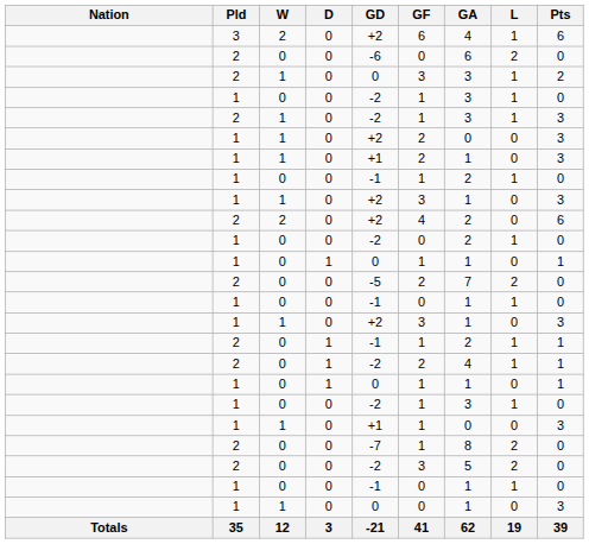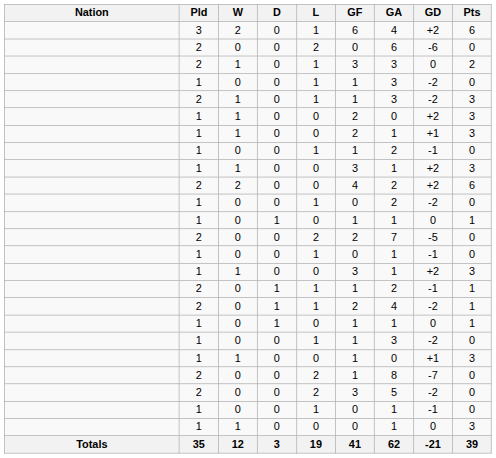 <table class="wikitable">
 <tr>
 <th style="width:250px;">Nation</th>
 <th style="width:50px;">Pld</th>
 <th style="width:50px;">W</th>
 <th style="width:50px;">D</th>
-<th style="width:50px;">GD</th>
+<th style="width:50px;">L</th>
 <th style="width:50px;">GF</th>
 <th style="width:50px;">GA</th>
-<th style="width:50px;">L</th>
+<th style="width:50px;">GD</th>
 <th style="width:50px;">Pts</th>
 </tr>
 <tr>
 <td></td>
 <td style="text-align:center;">3</td>
 <td style="text-align:center;">2</td>
 <td style="text-align:center;">0</td>
-<td style="text-align:center;">+2</td>
+<td style="text-align:center;">1</td>
 <td style="text-align:center;">6</td>
 <td style="text-align:center;">4</td>
-<td style="text-align:center;">1</td>
+<td style="text-align:center;">+2</td>
 <td style="text-align:center;">6</td>
 </tr>
 <tr>
 <td></td>
 <td style="text-align:center;">2</td>
 <td style="text-align:center;">0</td>
 <td style="text-align:center;">0</td>
-<td style="text-align:center;">-6</td>
+<td style="text-align:center;">2</td>
 <td style="text-align:center;">0</td>
 <td style="text-align:center;">6</td>
-<td style="text-align:center;">2</td>
+<td style="text-align:center;">-6</td>
 <td style="text-align:center;">0</td>
 </tr>
 <tr>
 <td></td>
 <td style="text-align:center;">2</td>
 <td style="text-align:center;">1</td>
 <td style="text-align:center;">0</td>
-<td style="text-align:center;">0</td>
+<td style="text-align:center;">1</td>
 <td style="text-align:center;">3</td>
 <td style="text-align:center;">3</td>
-<td style="text-align:center;">1</td>
+<td style="text-align:center;">0</td>
 <td style="text-align:center;">2</td>
 </tr>
 <tr>
 <td></td>
 <td style="text-align:center;">1</td>
 <td style="text-align:center;">0</td>
 <td style="text-align:center;">0</td>
-<td style="text-align:center;">-2</td>
+<td style="text-align:center;">1</td>
 <td style="text-align:center;">1</td>
 <td style="text-align:center;">3</td>
-<td style="text-align:center;">1</td>
+<td style="text-align:center;">-2</td>
 <td style="text-align:center;">0</td>
 </tr>
 <tr>
 <td></td>
 <td style="text-align:center;">2</td>
 <td style="text-align:center;">1</td>
 <td style="text-align:center;">0</td>
-<td style="text-align:center;">-2</td>
+<td style="text-align:center;">1</td>
 <td style="text-align:center;">1</td>
 <td style="text-align:center;">3</td>
-<td style="text-align:center;">1</td>
+<td style="text-align:center;">-2</td>
 <td style="text-align:center;">3</td>
 </tr>
 <tr>
 <td></td>
 <td style="text-align:center;">1</td>
 <td style="text-align:center;">1</td>
 <td style="text-align:center;">0</td>
-<td style="text-align:center;">+2</td>
+<td style="text-align:center;">0</td>
 <td style="text-align:center;">2</td>
 <td style="text-align:center;">0</td>
-<td style="text-align:center;">0</td>
+<td style="text-align:center;">+2</td>
 <td style="text-align:center;">3</td>
 </tr>
 <tr>
 <td></td>
 <td style="text-align:center;">1</td>
 <td style="text-align:center;">1</td>
 <td style="text-align:center;">0</td>
-<td style="text-align:center;">+1</td>
+<td style="text-align:center;">0</td>
 <td style="text-align:center;">2</td>
 <td style="text-align:center;">1</td>
-<td style="text-align:center;">0</td>
+<td style="text-align:center;">+1</td>
 <td style="text-align:center;">3</td>
 </tr>
 <tr>
 <td></td>
 <td style="text-align:center;">1</td>
 <td style="text-align:center;">0</td>
 <td style="text-align:center;">0</td>
-<td style="text-align:center;">-1</td>
+<td style="text-align:center;">1</td>
 <td style="text-align:center;">1</td>
 <td style="text-align:center;">2</td>
-<td style="text-align:center;">1</td>
+<td style="text-align:center;">-1</td>
 <td style="text-align:center;">0</td>
 </tr>
 <tr>
 <td></td>
 <td style="text-align:center;">1</td>
 <td style="text-align:center;">1</td>
 <td style="text-align:center;">0</td>
-<td style="text-align:center;">+2</td>
+<td style="text-align:center;">0</td>
 <td style="text-align:center;">3</td>
 <td style="text-align:center;">1</td>
-<td style="text-align:center;">0</td>
+<td style="text-align:center;">+2</td>
 <td style="text-align:center;">3</td>
 </tr>
 <tr>
 <td></td>
 <td style="text-align:center;">2</td>
 <td style="text-align:center;">2</td>
 <td style="text-align:center;">0</td>
-<td style="text-align:center;">+2</td>
+<td style="text-align:center;">0</td>
 <td style="text-align:center;">4</td>
 <td style="text-align:center;">2</td>
-<td style="text-align:center;">0</td>
+<td style="text-align:center;">+2</td>
 <td style="text-align:center;">6</td>
 </tr>
 <tr>
 <td></td>
 <td style="text-align:center;">1</td>
 <td style="text-align:center;">0</td>
 <td style="text-align:center;">0</td>
-<td style="text-align:center;">-2</td>
+<td style="text-align:center;">1</td>
 <td style="text-align:center;">0</td>
 <td style="text-align:center;">2</td>
-<td style="text-align:center;">1</td>
+<td style="text-align:center;">-2</td>
 <td style="text-align:center;">0</td>
 </tr>
 <tr>
 <td></td>
 <td style="text-align:center;">1</td>
 <td style="text-align:center;">0</td>
 <td style="text-align:center;">1</td>
 <td style="text-align:center;">0</td>
 <td style="text-align:center;">1</td>
 <td style="text-align:center;">1</td>
 <td style="text-align:center;">0</td>
 <td style="text-align:center;">1</td>
 </tr>
 <tr>
 <td></td>
 <td style="text-align:center;">2</td>
 <td style="text-align:center;">0</td>
 <td style="text-align:center;">0</td>
-<td style="text-align:center;">-5</td>
+<td style="text-align:center;">2</td>
 <td style="text-align:center;">2</td>
 <td style="text-align:center;">7</td>
-<td style="text-align:center;">2</td>
+<td style="text-align:center;">-5</td>
 <td style="text-align:center;">0</td>
 </tr>
 <tr>
 <td></td>
 <td style="text-align:center;">1</td>
 <td style="text-align:center;">0</td>
 <td style="text-align:center;">0</td>
-<td style="text-align:center;">-1</td>
+<td style="text-align:center;">1</td>
 <td style="text-align:center;">0</td>
 <td style="text-align:center;">1</td>
-<td style="text-align:center;">1</td>
+<td style="text-align:center;">-1</td>
 <td style="text-align:center;">0</td>
 </tr>
 <tr>
 <td></td>
 <td style="text-align:center;">1</td>
 <td style="text-align:center;">1</td>
 <td style="text-align:center;">0</td>
-<td style="text-align:center;">+2</td>
+<td style="text-align:center;">0</td>
 <td style="text-align:center;">3</td>
 <td style="text-align:center;">1</td>
-<td style="text-align:center;">0</td>
+<td style="text-align:center;">+2</td>
 <td style="text-align:center;">3</td>
 </tr>
 <tr>
 <td></td>
 <td style="text-align:center;">2</td>
 <td style="text-align:center;">0</td>
 <td style="text-align:center;">1</td>
-<td style="text-align:center;">-1</td>
+<td style="text-align:center;">1</td>
 <td style="text-align:center;">1</td>
 <td style="text-align:center;">2</td>
-<td style="text-align:center;">1</td>
+<td style="text-align:center;">-1</td>
 <td style="text-align:center;">1</td>
 </tr>
 <tr>
 <td></td>
 <td style="text-align:center;">2</td>
 <td style="text-align:center;">0</td>
 <td style="text-align:center;">1</td>
-<td style="text-align:center;">-2</td>
+<td style="text-align:center;">1</td>
 <td style="text-align:center;">2</td>
 <td style="text-align:center;">4</td>
-<td style="text-align:center;">1</td>
+<td style="text-align:center;">-2</td>
 <td style="text-align:center;">1</td>
 </tr>
 <tr>
 <td></td>
 <td style="text-align:center;">1</td>
 <td style="text-align:center;">0</td>
 <td style="text-align:center;">1</td>
 <td style="text-align:center;">0</td>
 <td style="text-align:center;">1</td>
 <td style="text-align:center;">1</td>
 <td style="text-align:center;">0</td>
 <td style="text-align:center;">1</td>
 </tr>
 <tr>
 <td></td>
 <td style="text-align:center;">1</td>
 <td style="text-align:center;">0</td>
 <td style="text-align:center;">0</td>
-<td style="text-align:center;">-2</td>
+<td style="text-align:center;">1</td>
 <td style="text-align:center;">1</td>
 <td style="text-align:center;">3</td>
-<td style="text-align:center;">1</td>
+<td style="text-align:center;">-2</td>
 <td style="text-align:center;">0</td>
 </tr>
 <tr>
 <td></td>
 <td style="text-align:center;">1</td>
 <td style="text-align:center;">1</td>
 <td style="text-align:center;">0</td>
-<td style="text-align:center;">+1</td>
+<td style="text-align:center;">0</td>
 <td style="text-align:center;">1</td>
 <td style="text-align:center;">0</td>
-<td style="text-align:center;">0</td>
+<td style="text-align:center;">+1</td>
 <td style="text-align:center;">3</td>
 </tr>
 <tr>
 <td></td>
 <td style="text-align:center;">2</td>
 <td style="text-align:center;">0</td>
 <td style="text-align:center;">0</td>
-<td style="text-align:center;">-7</td>
+<td style="text-align:center;">2</td>
 <td style="text-align:center;">1</td>
 <td style="text-align:center;">8</td>
-<td style="text-align:center;">2</td>
+<td style="text-align:center;">-7</td>
 <td style="text-align:center;">0</td>
 </tr>
 <tr>
 <td></td>
 <td style="text-align:center;">2</td>
 <td style="text-align:center;">0</td>
 <td style="text-align:center;">0</td>
-<td style="text-align:center;">-2</td>
+<td style="text-align:center;">2</td>
 <td style="text-align:center;">3</td>
 <td style="text-align:center;">5</td>
-<td style="text-align:center;">2</td>
+<td style="text-align:center;">-2</td>
 <td style="text-align:center;">0</td>
 </tr>
 <tr>
 <td></td>
 <td style="text-align:center;">1</td>
 <td style="text-align:center;">0</td>
 <td style="text-align:center;">0</td>
-<td style="text-align:center;">-1</td>
+<td style="text-align:center;">1</td>
 <td style="text-align:center;">0</td>
 <td style="text-align:center;">1</td>
-<td style="text-align:center;">1</td>
+<td style="text-align:center;">-1</td>
 <td style="text-align:center;">0</td>
 </tr>
 <tr>
 <td></td>
 <td style="text-align:center;">1</td>
 <td style="text-align:center;">1</td>
 <td style="text-align:center;">0</td>
 <td style="text-align:center;">0</td>
 <td style="text-align:center;">0</td>
 <td style="text-align:center;">1</td>
 <td style="text-align:center;">0</td>
 <td style="text-align:center;">3</td>
 </tr>
 <tr>
 <th>Totals</th>
 <th>35</th>
 <th>12</th>
 <th>3</th>
-<th>-21</th>
+<th>19</th>
 <th>41</th>
 <th>62</th>
-<th>19</th>
+<th>-21</th>
 <th>39</th>
 </tr>
 </table>
